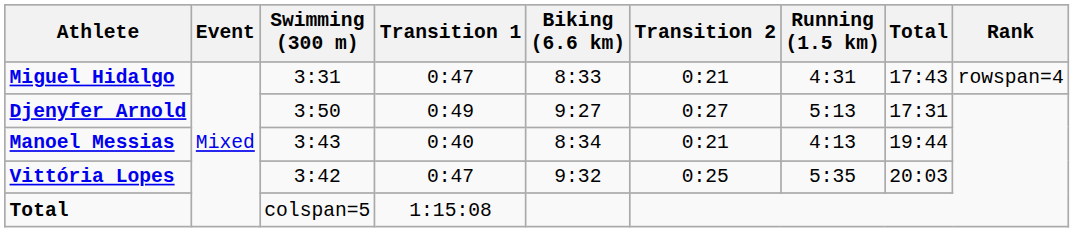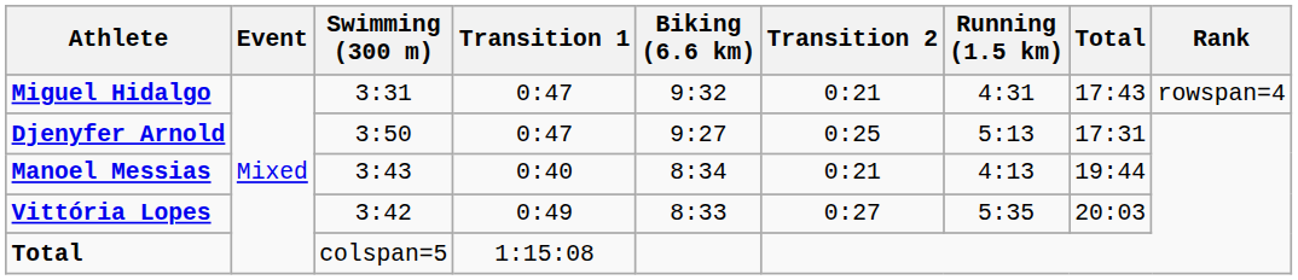 <table class="wikitable" style="font-size:90%">
 <tr>
 <th>Athlete</th>
 <th>Event</th>
 <th>Swimming<br><span>(300 m)</span></th>
 <th>Transition 1</th>
 <th>Biking<br><span>(6.6 km)</span></th>
 <th>Transition 2</th>
 <th>Running<br><span>(1.5 km)</span></th>
 <th>Total</th>
 <th>Rank</th>
 </tr>
 <tr align=center>
 <td align=left><strong><a href='#'>Miguel Hidalgo</a></strong></td>
 <td align=left rowspan=5><a href='#'>Mixed</a></td>
 <td>3:31</td>
 <td>0:47</td>
-<td>8:33</td>
+<td>9:32</td>
 <td>0:21</td>
 <td>4:31</td>
 <td>17:43</td>
 <td>rowspan=4 </td>
 </tr>
 <tr align=center>
 <td align=left><strong><a href='#'>Djenyfer Arnold</a></strong></td>
 <td>3:50</td>
-<td>0:49</td>
+<td>0:47</td>
 <td>9:27</td>
-<td>0:27</td>
+<td>0:25</td>
 <td>5:13</td>
 <td>17:31</td>
 </tr>
 <tr align=center>
 <td align=left><strong><a href='#'>Manoel Messias</a></strong></td>
 <td>3:43</td>
 <td>0:40</td>
 <td>8:34</td>
 <td>0:21</td>
 <td>4:13</td>
 <td>19:44</td>
 </tr>
 <tr align=center>
 <td align=left><strong><a href='#'>Vittória Lopes</a></strong></td>
 <td>3:42</td>
-<td>0:47</td>
-<td>9:32</td>
-<td>0:25</td>
+<td>0:49</td>
+<td>8:33</td>
+<td>0:27</td>
 <td>5:35</td>
 <td>20:03</td>
 </tr>
 <tr align=center>
 <td align=left><strong>Total</strong></td>
 <td>colspan=5 </td>
 <td>1:15:08</td>
 <td></td>
 </tr>
 </table>
